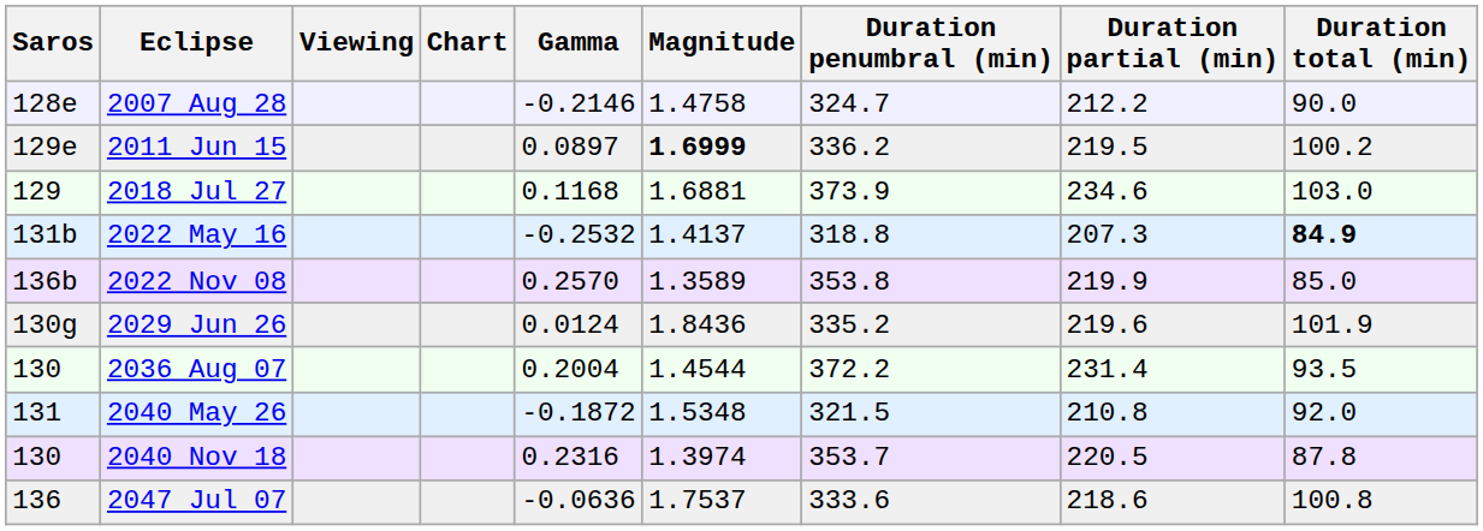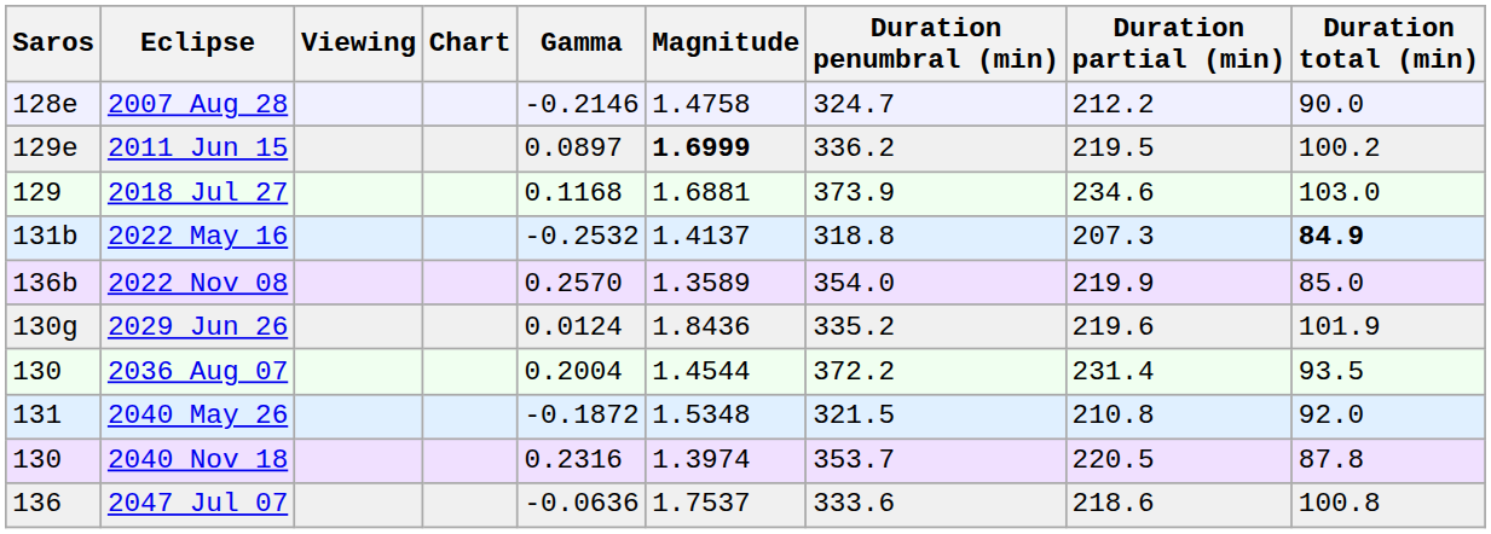 <table class="wikitable sortable">
 <tr>
 <th>Saros</th>
 <th>Eclipse</th>
 <th>Viewing</th>
 <th>Chart</th>
 <th>Gamma</th>
 <th>Magnitude</th>
 <th>Duration<br>penumbral (min)</th>
 <th>Duration<br>partial (min)</th>
 <th>Duration<br>total (min)</th>
 </tr>
 <tr BGCOLOR="#f0f0ff">
 <td>128e</td>
 <td><a href='#'>2007 Aug 28</a><br></td>
 <td></td>
 <td></td>
 <td>-0.2146</td>
 <td>1.4758</td>
 <td>324.7</td>
 <td>212.2</td>
 <td>90.0</td>
 </tr>
 <tr BGCOLOR="#f0f0f0">
 <td>129e</td>
 <td><a href='#'>2011 Jun 15</a><br></td>
 <td></td>
 <td></td>
 <td>0.0897</td>
 <td><strong>1.6999</strong></td>
 <td>336.2</td>
 <td>219.5</td>
 <td>100.2</td>
 </tr>
 <tr BGCOLOR="#f0fff0">
 <td>129</td>
 <td><a href='#'>2018 Jul 27</a><br></td>
 <td></td>
 <td></td>
 <td>0.1168</td>
 <td>1.6881</td>
 <td>373.9</td>
 <td>234.6</td>
 <td>103.0</td>
 </tr>
 <tr BGCOLOR="#e0f0ff">
 <td>131b</td>
 <td><a href='#'>2022 May 16</a><br></td>
 <td></td>
 <td></td>
 <td>-0.2532</td>
 <td>1.4137</td>
 <td>318.8</td>
 <td>207.3</td>
 <td><strong>84.9</strong></td>
 </tr>
 <tr BGCOLOR="#f0e0ff">
 <td>136b</td>
 <td><a href='#'>2022 Nov 08</a><br></td>
 <td></td>
 <td></td>
 <td>0.2570</td>
 <td>1.3589</td>
-<td>353.8</td>
+<td>354.0</td>
 <td>219.9</td>
 <td>85.0</td>
 </tr>
 <tr BGCOLOR="#f0f0f0">
 <td>130g</td>
 <td><a href='#'>2029 Jun 26</a></td>
 <td></td>
 <td></td>
 <td>0.0124</td>
 <td>1.8436</td>
 <td>335.2</td>
 <td>219.6</td>
 <td>101.9</td>
 </tr>
 <tr BGCOLOR="#f0fff0">
 <td>130</td>
 <td><a href='#'>2036 Aug 07</a></td>
 <td></td>
 <td></td>
 <td>0.2004</td>
 <td>1.4544</td>
 <td>372.2</td>
 <td>231.4</td>
 <td>93.5</td>
 </tr>
 <tr BGCOLOR="#e0f0ff">
 <td>131</td>
 <td><a href='#'>2040 May 26</a></td>
 <td></td>
 <td></td>
 <td>-0.1872</td>
 <td>1.5348</td>
 <td>321.5</td>
 <td>210.8</td>
 <td>92.0</td>
 </tr>
 <tr BGCOLOR="#f0e0ff">
 <td>130</td>
 <td><a href='#'>2040 Nov 18</a></td>
 <td></td>
 <td></td>
 <td>0.2316</td>
 <td>1.3974</td>
 <td>353.7</td>
 <td>220.5</td>
 <td>87.8</td>
 </tr>
 <tr BGCOLOR="#f0f0f0">
 <td>136</td>
 <td><a href='#'>2047 Jul 07</a></td>
 <td></td>
 <td></td>
 <td>-0.0636</td>
 <td>1.7537</td>
 <td>333.6</td>
 <td>218.6</td>
 <td>100.8</td>
 </tr>
 </table>
